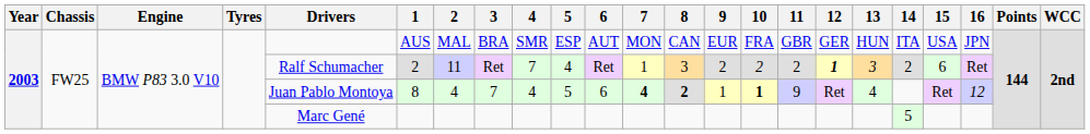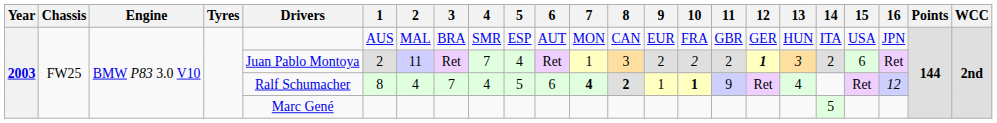 <table class="wikitable" style="text-align:center; font-size:95%">
 <tr>
 <th>Year</th>
 <th>Chassis</th>
 <th>Engine</th>
 <th>Tyres</th>
 <th>Drivers</th>
 <th>1</th>
 <th>2</th>
 <th>3</th>
 <th>4</th>
 <th>5</th>
 <th>6</th>
 <th>7</th>
 <th>8</th>
 <th>9</th>
 <th>10</th>
 <th>11</th>
 <th>12</th>
 <th>13</th>
 <th>14</th>
 <th>15</th>
 <th>16</th>
 <th>Points</th>
 <th>WCC</th>
 </tr>
 <tr>
 <th rowspan="4"><a href='#'>2003</a></th>
 <td rowspan="4">FW25</td>
 <td rowspan="4"><a href='#'>BMW</a> <em>P83</em> 3.0 <a href='#'>V10</a></td>
 <td rowspan="4"></td>
 <td></td>
 <td><a href='#'>AUS</a></td>
 <td><a href='#'>MAL</a></td>
 <td><a href='#'>BRA</a></td>
 <td><a href='#'>SMR</a></td>
 <td><a href='#'>ESP</a></td>
 <td><a href='#'>AUT</a></td>
 <td><a href='#'>MON</a></td>
 <td><a href='#'>CAN</a></td>
 <td><a href='#'>EUR</a></td>
 <td><a href='#'>FRA</a></td>
 <td><a href='#'>GBR</a></td>
 <td><a href='#'>GER</a></td>
 <td><a href='#'>HUN</a></td>
 <td><a href='#'>ITA</a></td>
 <td><a href='#'>USA</a></td>
 <td><a href='#'>JPN</a></td>
 <td rowspan="4" style="background:#DFDFDF;"><strong>144</strong></td>
 <td rowspan="4" style="background:#DFDFDF;"><strong>2nd</strong></td>
 </tr>
 <tr>
-<td> <a href='#'>Ralf Schumacher</a></td>
+<td> <a href='#'>Juan Pablo Montoya</a></td>
 <td style="background:#DFDFDF;">2</td>
 <td style="background:#CFCFFF;">11</td>
 <td style="background:#EFCFFF;">Ret</td>
 <td style="background:#DFFFDF;">7</td>
 <td style="background:#DFFFDF;">4</td>
 <td style="background:#EFCFFF;">Ret</td>
 <td style="background:#FFFFBF;">1</td>
 <td style="background:#FFDF9F;">3</td>
 <td style="background:#DFDFDF;">2</td>
 <td style="background:#DFDFDF;"><em>2</em></td>
 <td style="background:#DFDFDF;">2</td>
 <td style="background:#FFFFBF;"><strong><em>1</em></strong></td>
 <td style="background:#FFDF9F;"><em>3</em></td>
 <td style="background:#DFDFDF;">2</td>
 <td style="background:#DFFFDF;">6</td>
 <td style="background:#EFCFFF;">Ret</td>
 </tr>
 <tr>
-<td> <a href='#'>Juan Pablo Montoya</a></td>
+<td> <a href='#'>Ralf Schumacher</a></td>
 <td style="background:#DFFFDF;">8</td>
 <td style="background:#DFFFDF;">4</td>
 <td style="background:#DFFFDF;">7</td>
 <td style="background:#DFFFDF;">4</td>
 <td style="background:#DFFFDF;">5</td>
 <td style="background:#DFFFDF;">6</td>
 <td style="background:#DFFFDF;"><strong>4</strong></td>
 <td style="background:#DFDFDF;"><strong>2</strong></td>
 <td style="background:#FFFFBF;">1</td>
 <td style="background:#FFFFBF;"><strong>1</strong></td>
 <td style="background:#CFCFFF;">9</td>
 <td style="background:#EFCFFF;">Ret</td>
 <td style="background:#DFFFDF;">4</td>
 <td></td>
 <td style="background:#EFCFFF;">Ret</td>
 <td style="background:#CFCFFF;"><em>12</em></td>
 </tr>
 <tr>
 <td> <a href='#'>Marc Gené</a></td>
 <td></td>
 <td></td>
 <td></td>
 <td></td>
 <td></td>
 <td></td>
 <td></td>
 <td></td>
 <td></td>
 <td></td>
 <td></td>
 <td></td>
 <td></td>
 <td style="background:#DFFFDF;">5</td>
 <td></td>
 <td></td>
 </tr>
 </table>
